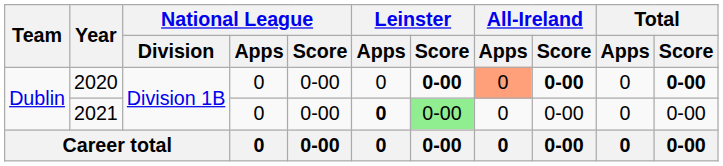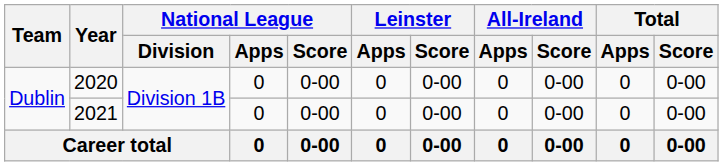 <table class="wikitable" style="text-align:center">
 <tr>
 <th rowspan="2">Team</th>
 <th rowspan="2">Year</th>
 <th colspan="3"><a href='#'>National League</a></th>
 <th colspan="2"><a href='#'>Leinster</a></th>
 <th colspan="2"><a href='#'>All-Ireland</a></th>
 <th colspan="2">Total</th>
 </tr>
 <tr>
 <th>Division</th>
 <th>Apps</th>
 <th>Score</th>
 <th>Apps</th>
 <th>Score</th>
 <th>Apps</th>
 <th>Score</th>
 <th>Apps</th>
 <th>Score</th>
 </tr>
 <tr>
 <td rowspan="2"><a href='#'>Dublin</a></td>
 <td>2020</td>
 <td rowspan="2"><a href='#'>Division 1B</a></td>
 <td>0</td>
 <td>0-00</td>
 <td>0</td>
-<td><strong>0-00</strong></td>
-<td style="background: lightsalmon;">0</td>
-<td><strong>0-00</strong></td>
+<td>0-00</td>
 <td>0</td>
-<td><strong>0-00</strong></td>
+<td>0-00</td>
+<td>0</td>
+<td>0-00</td>
 </tr>
 <tr>
 <td>2021</td>
 <td>0</td>
 <td>0-00</td>
-<td><strong>0</strong></td>
-<td style="background: lightgreen;">0-00</td>
+<td>0</td>
+<td>0-00</td>
 <td>0</td>
 <td>0-00</td>
 <td>0</td>
 <td>0-00</td>
 </tr>
 <tr>
 <th colspan="3">Career total</th>
 <th>0</th>
 <th>0-00</th>
 <th>0</th>
 <th>0-00</th>
 <th>0</th>
 <th>0-00</th>
 <th>0</th>
 <th>0-00</th>
 </tr>
 </table>
